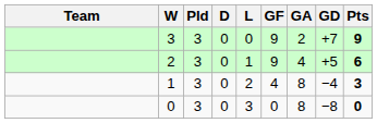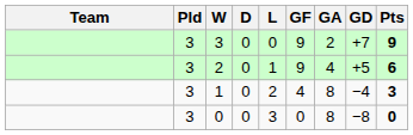 <table class="wikitable" style="text-align: center;">
 <tr>
 <th width=165>Team</th>
+<th width=20>Pld</th>
 <th width=20>W</th>
-<th width=20>Pld</th>
 <th width=20>D</th>
 <th width=20>L</th>
 <th width=20>GF</th>
 <th width=20>GA</th>
 <th width=20>GD</th>
 <th width=20>Pts</th>
 </tr>
 <tr bgcolor=ccffcc>
 <td style="text-align:left;"></td>
 <td>3</td>
 <td>3</td>
 <td>0</td>
 <td>0</td>
 <td>9</td>
 <td>2</td>
 <td>+7</td>
 <td><strong>9</strong></td>
 </tr>
 <tr bgcolor=ccffcc>
 <td style="text-align:left;"></td>
+<td>3</td>
 <td>2</td>
-<td>3</td>
 <td>0</td>
 <td>1</td>
 <td>9</td>
 <td>4</td>
 <td>+5</td>
 <td><strong>6</strong></td>
 </tr>
 <tr>
 <td style="text-align:left;"></td>
+<td>3</td>
 <td>1</td>
-<td>3</td>
 <td>0</td>
 <td>2</td>
 <td>4</td>
 <td>8</td>
 <td>−4</td>
 <td><strong>3</strong></td>
 </tr>
 <tr>
 <td style="text-align:left;"></td>
+<td>3</td>
 <td>0</td>
-<td>3</td>
 <td>0</td>
 <td>3</td>
 <td>0</td>
 <td>8</td>
 <td>−8</td>
 <td><strong>0</strong></td>
 </tr>
 </table>
